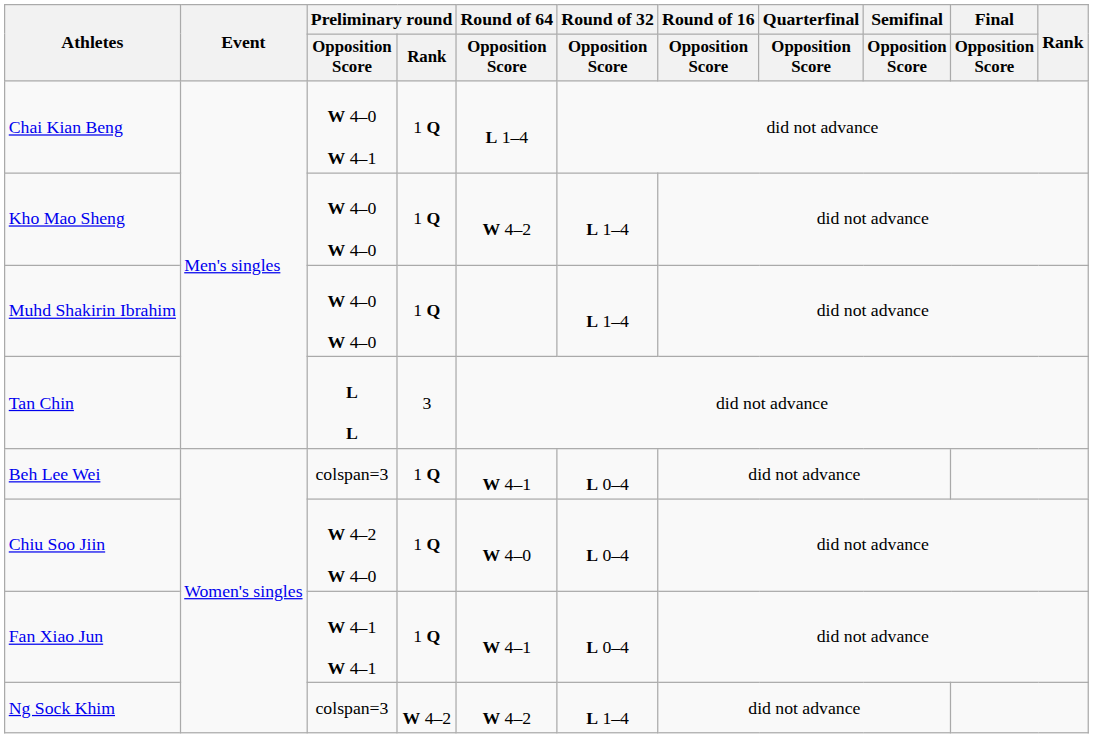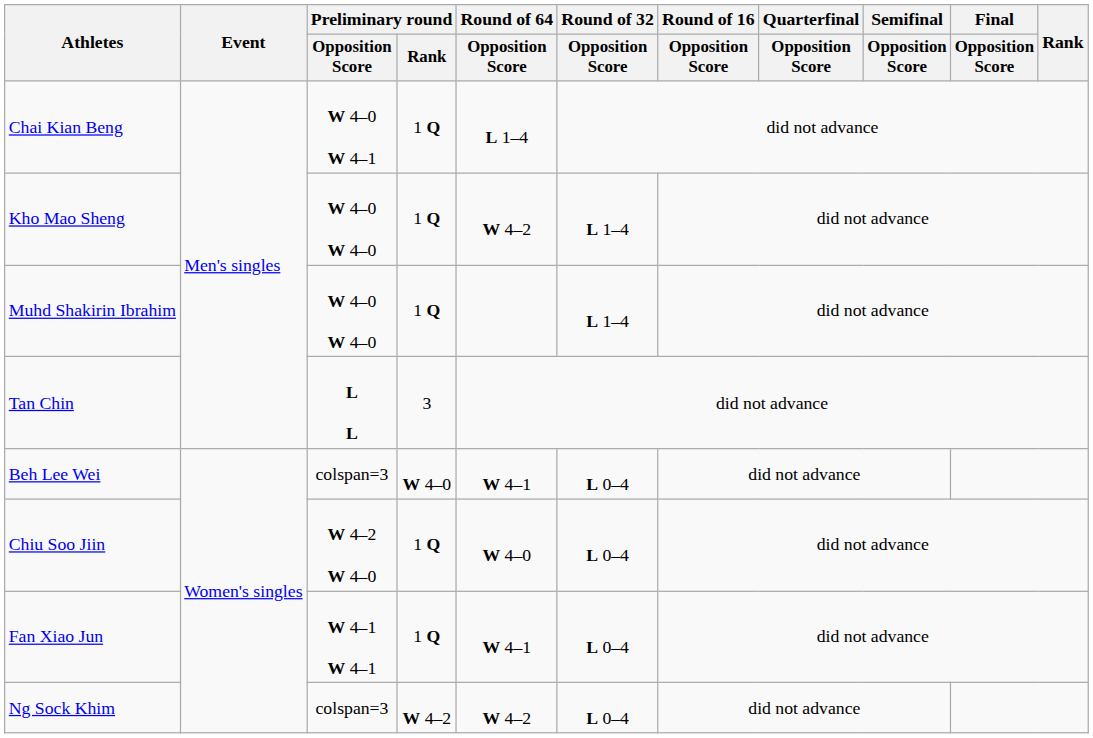 <table class="wikitable" style="font-size:90%">
 <tr>
 <th rowspan=2>Athletes</th>
 <th rowspan=2>Event</th>
 <th colspan=2>Preliminary round</th>
 <th>Round of 64</th>
 <th>Round of 32</th>
 <th>Round of 16</th>
 <th>Quarterfinal</th>
 <th>Semifinal</th>
 <th>Final</th>
 <th rowspan=2>Rank</th>
 </tr>
 <tr style="font-size:95%">
 <th>Opposition<br>Score</th>
 <th>Rank</th>
 <th>Opposition<br>Score</th>
 <th>Opposition<br>Score</th>
 <th>Opposition<br>Score</th>
 <th>Opposition<br>Score</th>
 <th>Opposition<br>Score</th>
 <th>Opposition<br>Score</th>
 </tr>
 <tr align=center>
 <td align=left><a href='#'>Chai Kian Beng</a></td>
 <td align=left rowspan=4><a href='#'>Men's singles</a></td>
 <td><br><strong>W</strong> 4–0<br><br><strong>W</strong> 4–1</td>
 <td>1 <strong>Q</strong></td>
 <td><br><strong>L</strong> 1–4</td>
 <td colspan=6>did not advance</td>
 </tr>
 <tr align=center>
 <td align=left><a href='#'>Kho Mao Sheng</a></td>
 <td><br><strong>W</strong> 4–0<br><br><strong>W</strong> 4–0</td>
 <td>1 <strong>Q</strong></td>
 <td><br><strong>W</strong> 4–2</td>
 <td><br><strong>L</strong> 1–4</td>
 <td colspan=5>did not advance</td>
 </tr>
 <tr align=center>
 <td align=left><a href='#'>Muhd Shakirin Ibrahim</a></td>
 <td><br><strong>W</strong> 4–0<br><br><strong>W</strong> 4–0</td>
 <td>1 <strong>Q</strong></td>
 <td></td>
 <td><br><strong>L</strong> 1–4</td>
 <td colspan=5>did not advance</td>
 </tr>
 <tr align=center>
 <td align=left><a href='#'>Tan Chin</a></td>
 <td><br><strong>L</strong> <br><br><strong>L</strong> </td>
 <td>3</td>
 <td colspan=7>did not advance</td>
 </tr>
 <tr align=center>
 <td align=left><a href='#'>Beh Lee Wei</a></td>
 <td align=left rowspan=4><a href='#'>Women's singles</a></td>
 <td>colspan=3 </td>
-<td>1 <strong>Q</strong></td>
+<td><br><strong>W</strong> 4–0</td>
 <td><br><strong>W</strong> 4–1</td>
 <td><br><strong>L</strong> 0–4</td>
 <td colspan=3>did not advance</td>
 </tr>
 <tr align=center>
 <td align=left><a href='#'>Chiu Soo Jiin</a></td>
 <td><br><strong>W</strong> 4–2 <br><br><strong>W</strong> 4–0</td>
 <td>1 <strong>Q</strong></td>
 <td><br><strong>W</strong> 4–0</td>
 <td><br><strong>L</strong> 0–4</td>
 <td colspan=5>did not advance</td>
 </tr>
 <tr align=center>
 <td align=left><a href='#'>Fan Xiao Jun</a></td>
 <td><br><strong>W</strong> 4–1<br><br><strong>W</strong> 4–1</td>
 <td>1 <strong>Q</strong></td>
 <td><br><strong>W</strong> 4–1</td>
 <td><br><strong>L</strong> 0–4</td>
 <td colspan=5>did not advance</td>
 </tr>
 <tr align=center>
 <td align=left><a href='#'>Ng Sock Khim</a></td>
 <td>colspan=3 </td>
 <td><br><strong>W</strong> 4–2</td>
 <td><br><strong>W</strong> 4–2</td>
-<td><br><strong>L</strong> 1–4</td>
+<td><br><strong>L</strong> 0–4</td>
 <td colspan=3>did not advance</td>
 </tr>
 </table>
